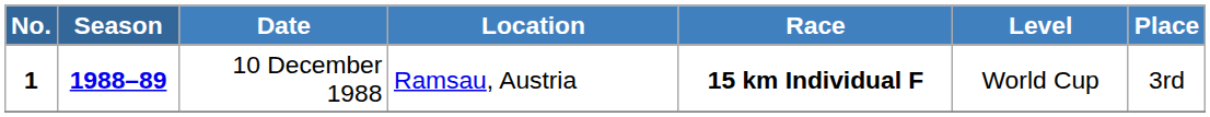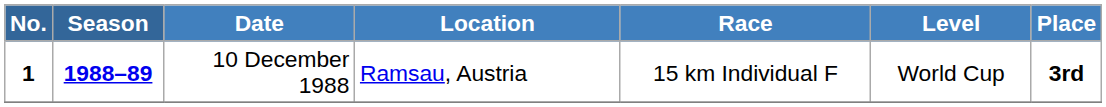 <table class="wikitable sortable" style="font-size:95%; text-align:center; border:grey solid 1px; border-collapse:collapse; background:#ffffff;">
 <tr style="background:#efefef;">
 <th style="background-color:#369; color:white;">No.</th>
 <th style="background-color:#369; color:white;">Season</th>
 <th style="background-color:#4180be; color:white; width:120px;">Date</th>
 <th style="background-color:#4180be; color:white; width:170px;">Location</th>
 <th style="background-color:#4180be; color:white; width:160px;">Race</th>
 <th style="background-color:#4180be; color:white; width:100px;">Level</th>
 <th style="background-color:#4180be; color:white;">Place</th>
 </tr>
 <tr>
 <td align=center><strong>1</strong></td>
 <td rowspan=1 align=center><strong> <a href='#'>1988–89</a> </strong></td>
 <td align=right>10 December 1988</td>
 <td align=left> <a href='#'>Ramsau</a>, Austria</td>
-<td><strong>15 km Individual F</strong></td>
+<td>15 km Individual F</td>
 <td>World Cup</td>
-<td>3rd</td>
+<td><strong>3rd</strong></td>
 </tr>
 <tr>
 </tr>
 </table>
